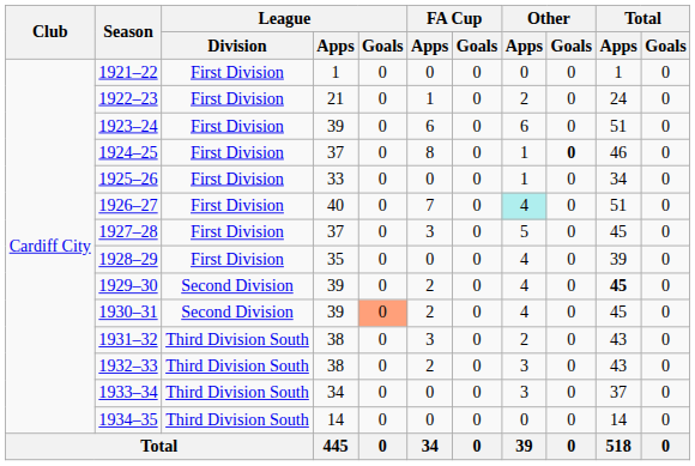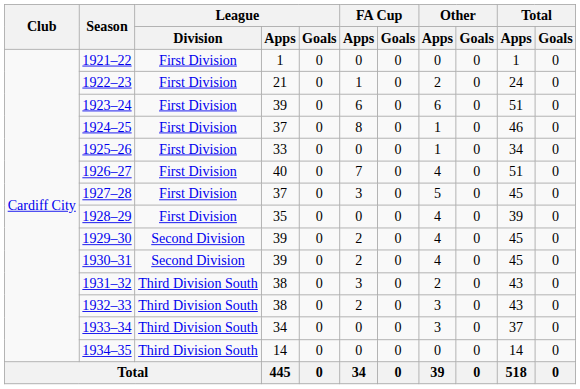 <table class="wikitable" style="text-align:center;">
 <tr>
 <th rowspan="2">Club</th>
 <th rowspan="2">Season</th>
 <th colspan="3">League</th>
 <th colspan="2">FA Cup</th>
 <th colspan="2">Other</th>
 <th colspan="2">Total</th>
 </tr>
 <tr>
 <th>Division</th>
 <th>Apps</th>
 <th>Goals</th>
 <th>Apps</th>
 <th>Goals</th>
 <th>Apps</th>
 <th>Goals</th>
 <th>Apps</th>
 <th>Goals</th>
 </tr>
 <tr>
 <td rowspan="14"><a href='#'>Cardiff City</a></td>
 <td><a href='#'>1921–22</a></td>
 <td><a href='#'>First Division</a></td>
 <td>1</td>
 <td>0</td>
 <td>0</td>
 <td>0</td>
 <td>0</td>
 <td>0</td>
 <td>1</td>
 <td>0</td>
 </tr>
 <tr>
 <td><a href='#'>1922–23</a></td>
 <td><a href='#'>First Division</a></td>
 <td>21</td>
 <td>0</td>
 <td>1</td>
 <td>0</td>
 <td>2</td>
 <td>0</td>
 <td>24</td>
 <td>0</td>
 </tr>
 <tr>
 <td><a href='#'>1923–24</a></td>
 <td><a href='#'>First Division</a></td>
 <td>39</td>
 <td>0</td>
 <td>6</td>
 <td>0</td>
 <td>6</td>
 <td>0</td>
 <td>51</td>
 <td>0</td>
 </tr>
 <tr>
 <td><a href='#'>1924–25</a></td>
 <td><a href='#'>First Division</a></td>
 <td>37</td>
 <td>0</td>
 <td>8</td>
 <td>0</td>
 <td>1</td>
-<td><strong>0</strong></td>
+<td>0</td>
 <td>46</td>
 <td>0</td>
 </tr>
 <tr>
 <td><a href='#'>1925–26</a></td>
 <td><a href='#'>First Division</a></td>
 <td>33</td>
 <td>0</td>
 <td>0</td>
 <td>0</td>
 <td>1</td>
 <td>0</td>
 <td>34</td>
 <td>0</td>
 </tr>
 <tr>
 <td><a href='#'>1926–27</a></td>
 <td><a href='#'>First Division</a></td>
 <td>40</td>
 <td>0</td>
 <td>7</td>
 <td>0</td>
-<td style="background: paleturquoise;">4</td>
+<td>4</td>
 <td>0</td>
 <td>51</td>
 <td>0</td>
 </tr>
 <tr>
 <td><a href='#'>1927–28</a></td>
 <td><a href='#'>First Division</a></td>
 <td>37</td>
 <td>0</td>
 <td>3</td>
 <td>0</td>
 <td>5</td>
 <td>0</td>
 <td>45</td>
 <td>0</td>
 </tr>
 <tr>
 <td><a href='#'>1928–29</a></td>
 <td><a href='#'>First Division</a></td>
 <td>35</td>
 <td>0</td>
 <td>0</td>
 <td>0</td>
 <td>4</td>
 <td>0</td>
 <td>39</td>
 <td>0</td>
 </tr>
 <tr>
 <td><a href='#'>1929–30</a></td>
 <td><a href='#'>Second Division</a></td>
 <td>39</td>
 <td>0</td>
 <td>2</td>
 <td>0</td>
 <td>4</td>
 <td>0</td>
-<td><strong>45</strong></td>
+<td>45</td>
 <td>0</td>
 </tr>
 <tr>
 <td><a href='#'>1930–31</a></td>
 <td><a href='#'>Second Division</a></td>
 <td>39</td>
-<td style="background: lightsalmon;">0</td>
+<td>0</td>
 <td>2</td>
 <td>0</td>
 <td>4</td>
 <td>0</td>
 <td>45</td>
 <td>0</td>
 </tr>
 <tr>
 <td><a href='#'>1931–32</a></td>
 <td><a href='#'>Third Division South</a></td>
 <td>38</td>
 <td>0</td>
 <td>3</td>
 <td>0</td>
 <td>2</td>
 <td>0</td>
 <td>43</td>
 <td>0</td>
 </tr>
 <tr>
 <td><a href='#'>1932–33</a></td>
 <td><a href='#'>Third Division South</a></td>
 <td>38</td>
 <td>0</td>
 <td>2</td>
 <td>0</td>
 <td>3</td>
 <td>0</td>
 <td>43</td>
 <td>0</td>
 </tr>
 <tr>
 <td><a href='#'>1933–34</a></td>
 <td><a href='#'>Third Division South</a></td>
 <td>34</td>
 <td>0</td>
 <td>0</td>
 <td>0</td>
 <td>3</td>
 <td>0</td>
 <td>37</td>
 <td>0</td>
 </tr>
 <tr>
 <td><a href='#'>1934–35</a></td>
 <td><a href='#'>Third Division South</a></td>
 <td>14</td>
 <td>0</td>
 <td>0</td>
 <td>0</td>
 <td>0</td>
 <td>0</td>
 <td>14</td>
 <td>0</td>
 </tr>
 <tr>
 <th colspan="3">Total</th>
 <th>445</th>
 <th>0</th>
 <th>34</th>
 <th>0</th>
 <th>39</th>
 <th>0</th>
 <th>518</th>
 <th>0</th>
 </tr>
 </table>
